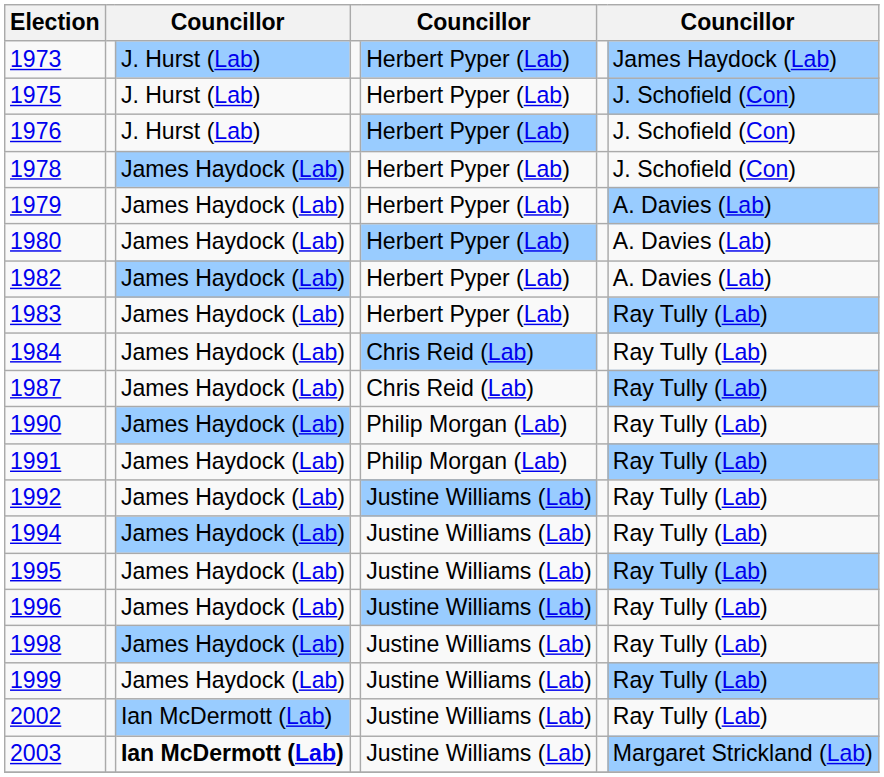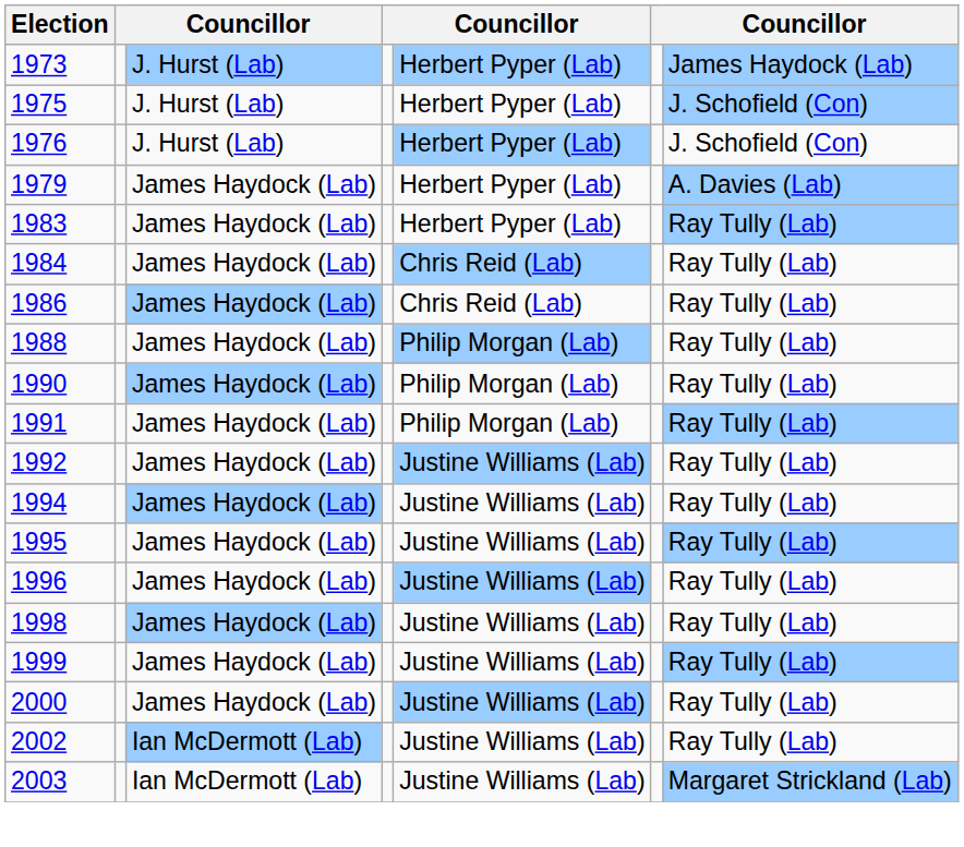 <table class="wikitable">
 <tr>
 <th>Election</th>
 <th colspan="2">Councillor</th>
 <th colspan="2">Councillor</th>
 <th colspan="2">Councillor</th>
 </tr>
 <tr>
 <td><a href='#'>1973</a></td>
 <td style="background-color: "></td>
 <td bgcolor="#99CCFF">J. Hurst (<a href='#'>Lab</a>)</td>
 <td style="background-color: "></td>
 <td bgcolor="#99CCFF">Herbert Pyper (<a href='#'>Lab</a>)</td>
 <td style="background-color: "></td>
 <td bgcolor="#99CCFF">James Haydock (<a href='#'>Lab</a>)</td>
 </tr>
 <tr>
 <td><a href='#'>1975</a></td>
 <td style="background-color: "></td>
 <td>J. Hurst (<a href='#'>Lab</a>)</td>
 <td style="background-color: "></td>
 <td>Herbert Pyper (<a href='#'>Lab</a>)</td>
 <td style="background-color: "></td>
 <td bgcolor="#99CCFF">J. Schofield (<a href='#'>Con</a>)</td>
 </tr>
 <tr>
 <td><a href='#'>1976</a></td>
 <td style="background-color: "></td>
 <td>J. Hurst (<a href='#'>Lab</a>)</td>
 <td style="background-color: "></td>
 <td bgcolor="#99CCFF">Herbert Pyper (<a href='#'>Lab</a>)</td>
 <td style="background-color: "></td>
 <td>J. Schofield (<a href='#'>Con</a>)</td>
 </tr>
 <tr>
-<td><a href='#'>1978</a></td>
-<td style="background-color: "></td>
-<td bgcolor="#99CCFF">James Haydock (<a href='#'>Lab</a>)</td>
-<td style="background-color: "></td>
-<td>Herbert Pyper (<a href='#'>Lab</a>)</td>
-<td style="background-color: "></td>
-<td>J. Schofield (<a href='#'>Con</a>)</td>
-</tr>
-<tr>
 <td><a href='#'>1979</a></td>
 <td style="background-color: "></td>
 <td>James Haydock (<a href='#'>Lab</a>)</td>
 <td style="background-color: "></td>
 <td>Herbert Pyper (<a href='#'>Lab</a>)</td>
 <td style="background-color: "></td>
 <td bgcolor="#99CCFF">A. Davies (<a href='#'>Lab</a>)</td>
-</tr>
-<tr>
-<td><a href='#'>1980</a></td>
-<td style="background-color: "></td>
-<td>James Haydock (<a href='#'>Lab</a>)</td>
-<td style="background-color: "></td>
-<td bgcolor="#99CCFF">Herbert Pyper (<a href='#'>Lab</a>)</td>
-<td style="background-color: "></td>
-<td>A. Davies (<a href='#'>Lab</a>)</td>
-</tr>
-<tr>
-<td><a href='#'>1982</a></td>
-<td style="background-color: "></td>
-<td bgcolor="#99CCFF">James Haydock (<a href='#'>Lab</a>)</td>
-<td style="background-color: "></td>
-<td>Herbert Pyper (<a href='#'>Lab</a>)</td>
-<td style="background-color: "></td>
-<td>A. Davies (<a href='#'>Lab</a>)</td>
 </tr>
 <tr>
 <td><a href='#'>1983</a></td>
 <td style="background-color: "></td>
 <td>James Haydock (<a href='#'>Lab</a>)</td>
 <td style="background-color: "></td>
 <td>Herbert Pyper (<a href='#'>Lab</a>)</td>
 <td style="background-color: "></td>
 <td bgcolor="#99CCFF">Ray Tully (<a href='#'>Lab</a>)</td>
 </tr>
 <tr>
 <td><a href='#'>1984</a></td>
 <td style="background-color: "></td>
 <td>James Haydock (<a href='#'>Lab</a>)</td>
 <td style="background-color: "></td>
 <td bgcolor="#99CCFF">Chris Reid (<a href='#'>Lab</a>)</td>
 <td style="background-color: "></td>
 <td>Ray Tully (<a href='#'>Lab</a>)</td>
 </tr>
 <tr>
-<td><a href='#'>1987</a></td>
+<td><a href='#'>1986</a></td>
+<td style="background-color: "></td>
+<td bgcolor="#99CCFF">James Haydock (<a href='#'>Lab</a>)</td>
+<td style="background-color: "></td>
+<td>Chris Reid (<a href='#'>Lab</a>)</td>
+<td style="background-color: "></td>
+<td>Ray Tully (<a href='#'>Lab</a>)</td>
+</tr>
+<tr>
+<td><a href='#'>1988</a></td>
 <td style="background-color: "></td>
 <td>James Haydock (<a href='#'>Lab</a>)</td>
 <td style="background-color: "></td>
-<td>Chris Reid (<a href='#'>Lab</a>)</td>
+<td bgcolor="#99CCFF">Philip Morgan (<a href='#'>Lab</a>)</td>
 <td style="background-color: "></td>
-<td bgcolor="#99CCFF">Ray Tully (<a href='#'>Lab</a>)</td>
+<td>Ray Tully (<a href='#'>Lab</a>)</td>
 </tr>
 <tr>
 <td><a href='#'>1990</a></td>
 <td style="background-color: "></td>
 <td bgcolor="#99CCFF">James Haydock (<a href='#'>Lab</a>)</td>
 <td style="background-color: "></td>
 <td>Philip Morgan (<a href='#'>Lab</a>)</td>
 <td style="background-color: "></td>
 <td>Ray Tully (<a href='#'>Lab</a>)</td>
 </tr>
 <tr>
 <td><a href='#'>1991</a></td>
 <td style="background-color: "></td>
 <td>James Haydock (<a href='#'>Lab</a>)</td>
 <td style="background-color: "></td>
 <td>Philip Morgan (<a href='#'>Lab</a>)</td>
 <td style="background-color: "></td>
 <td bgcolor="#99CCFF">Ray Tully (<a href='#'>Lab</a>)</td>
 </tr>
 <tr>
 <td><a href='#'>1992</a></td>
 <td style="background-color: "></td>
 <td>James Haydock (<a href='#'>Lab</a>)</td>
 <td style="background-color: "></td>
 <td bgcolor="#99CCFF">Justine Williams (<a href='#'>Lab</a>)</td>
 <td style="background-color: "></td>
 <td>Ray Tully (<a href='#'>Lab</a>)</td>
 </tr>
 <tr>
 <td><a href='#'>1994</a></td>
 <td style="background-color: "></td>
 <td bgcolor="#99CCFF">James Haydock (<a href='#'>Lab</a>)</td>
 <td style="background-color: "></td>
 <td>Justine Williams (<a href='#'>Lab</a>)</td>
 <td style="background-color: "></td>
 <td>Ray Tully (<a href='#'>Lab</a>)</td>
 </tr>
 <tr>
 <td><a href='#'>1995</a></td>
 <td style="background-color: "></td>
 <td>James Haydock (<a href='#'>Lab</a>)</td>
 <td style="background-color: "></td>
 <td>Justine Williams (<a href='#'>Lab</a>)</td>
 <td style="background-color: "></td>
 <td bgcolor="#99CCFF">Ray Tully (<a href='#'>Lab</a>)</td>
 </tr>
 <tr>
 <td><a href='#'>1996</a></td>
 <td style="background-color: "></td>
 <td>James Haydock (<a href='#'>Lab</a>)</td>
 <td style="background-color: "></td>
 <td bgcolor="#99CCFF">Justine Williams (<a href='#'>Lab</a>)</td>
 <td style="background-color: "></td>
 <td>Ray Tully (<a href='#'>Lab</a>)</td>
 </tr>
 <tr>
 <td><a href='#'>1998</a></td>
 <td style="background-color: "></td>
 <td bgcolor="#99CCFF">James Haydock (<a href='#'>Lab</a>)</td>
 <td style="background-color: "></td>
 <td>Justine Williams (<a href='#'>Lab</a>)</td>
 <td style="background-color: "></td>
 <td>Ray Tully (<a href='#'>Lab</a>)</td>
 </tr>
 <tr>
 <td><a href='#'>1999</a></td>
 <td style="background-color: "></td>
 <td>James Haydock (<a href='#'>Lab</a>)</td>
 <td style="background-color: "></td>
 <td>Justine Williams (<a href='#'>Lab</a>)</td>
 <td style="background-color: "></td>
 <td bgcolor="#99CCFF">Ray Tully (<a href='#'>Lab</a>)</td>
 </tr>
 <tr>
+<td><a href='#'>2000</a></td>
+<td style="background-color: "></td>
+<td>James Haydock (<a href='#'>Lab</a>)</td>
+<td style="background-color: "></td>
+<td bgcolor="#99CCFF">Justine Williams (<a href='#'>Lab</a>)</td>
+<td style="background-color: "></td>
+<td>Ray Tully (<a href='#'>Lab</a>)</td>
+</tr>
+<tr>
 <td><a href='#'>2002</a></td>
 <td style="background-color: "></td>
 <td bgcolor="#99CCFF">Ian McDermott (<a href='#'>Lab</a>)</td>
 <td style="background-color: "></td>
 <td>Justine Williams (<a href='#'>Lab</a>)</td>
 <td style="background-color: "></td>
 <td>Ray Tully (<a href='#'>Lab</a>)</td>
 </tr>
 <tr>
 <td><a href='#'>2003</a></td>
 <td style="background-color: "></td>
-<td><strong>Ian McDermott (<a href='#'>Lab</a>)</strong></td>
+<td>Ian McDermott (<a href='#'>Lab</a>)</td>
 <td style="background-color: "></td>
 <td>Justine Williams (<a href='#'>Lab</a>)</td>
 <td style="background-color: "></td>
 <td bgcolor="#99CCFF">Margaret Strickland (<a href='#'>Lab</a>)</td>
 </tr>
 <tr>
 </tr>
 </table>
